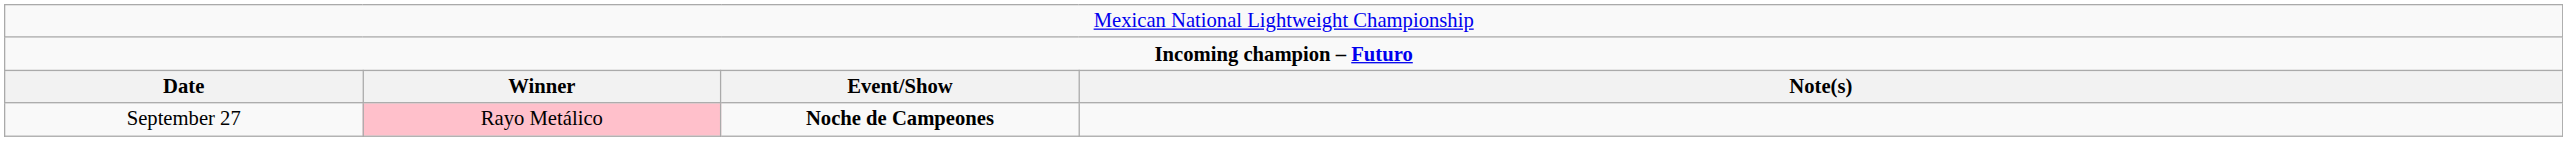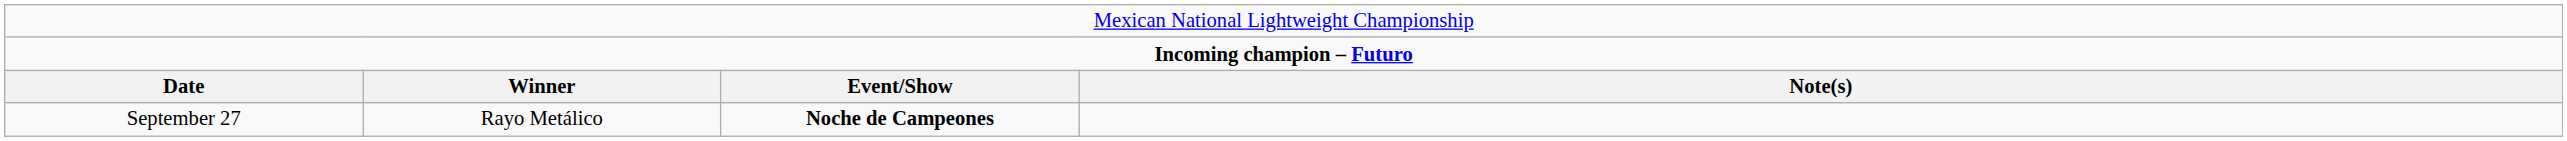 <table class="wikitable" style="text-align:center; width:100%;">
 <tr>
 <td colspan="4" style="text-align: center;"><a href='#'>Mexican National Lightweight Championship</a></td>
 </tr>
 <tr>
 <td colspan="4" style="text-align: center;"><strong>Incoming champion – <a href='#'>Futuro</a></strong></td>
 </tr>
 <tr>
 <th width=14%>Date</th>
 <th width=14%>Winner</th>
 <th width=14%>Event/Show</th>
 <th width=58%>Note(s)</th>
 </tr>
 <tr>
 <td>September 27</td>
-<td style="background: pink;">Rayo Metálico</td>
+<td>Rayo Metálico</td>
 <td><strong>Noche de Campeones</strong></td>
 <td></td>
 </tr>
 </table>
